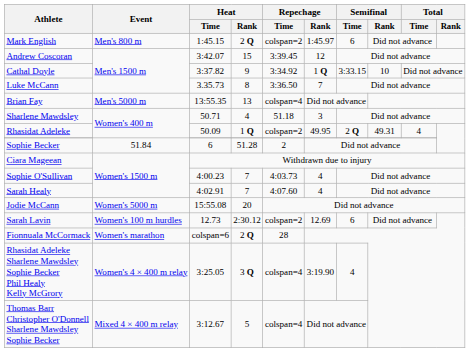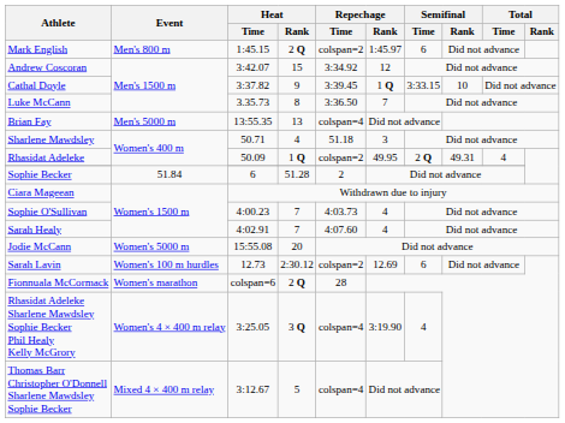 <table class="wikitable" style="font-size:90%">
 <tr>
 <th rowspan="2">Athlete</th>
 <th rowspan="2">Event</th>
 <th colspan="2">Heat</th>
 <th colspan="2">Repechage</th>
 <th colspan="2">Semifinal</th>
 <th colspan="2">Total</th>
 </tr>
 <tr style="font-size:95%">
 <th>Time</th>
 <th>Rank</th>
 <th>Time</th>
 <th>Rank</th>
 <th>Time</th>
 <th>Rank</th>
 <th>Time</th>
 <th>Rank</th>
 </tr>
 <tr align=center>
 <td align=left><a href='#'>Mark English</a></td>
 <td align=left><a href='#'>Men's 800 m</a></td>
 <td>1:45.15</td>
 <td>2 <strong>Q</strong></td>
 <td>colspan=2 </td>
 <td>1:45.97</td>
 <td>6</td>
 <td colspan=2>Did not advance</td>
 </tr>
 <tr align=center>
 <td align=left><a href='#'>Andrew Coscoran</a></td>
 <td align=left rowspan="3"><a href='#'>Men's 1500 m</a></td>
 <td>3:42.07</td>
 <td>15</td>
-<td>3:39.45</td>
+<td>3:34.92</td>
 <td>12</td>
 <td colspan=4>Did not advance</td>
 </tr>
 <tr align=center>
 <td align=left><a href='#'>Cathal Doyle</a></td>
 <td>3:37.82</td>
 <td>9</td>
-<td>3:34.92</td>
+<td>3:39.45</td>
 <td>1 <strong>Q</strong></td>
 <td>3:33.15 <strong></strong></td>
 <td>10</td>
 <td colspan=4>Did not advance</td>
 </tr>
 <tr align=center>
 <td align=left><a href='#'>Luke McCann</a></td>
 <td>3.35.73</td>
 <td>8</td>
 <td>3:36.50</td>
 <td>7</td>
 <td colspan=4>Did not advance</td>
 </tr>
 <tr align=center>
 <td align=left><a href='#'>Brian Fay</a></td>
 <td align=left><a href='#'>Men's 5000 m</a></td>
 <td>13:55.35</td>
 <td>13</td>
 <td>colspan=4 </td>
 <td colspan=2>Did not advance</td>
 </tr>
 <tr align="center">
 <td align="left"><a href='#'>Sharlene Mawdsley</a></td>
 <td align=left rowspan="3"><a href='#'>Women's 400 m</a></td>
 <td>50.71 <strong></strong></td>
 <td>4</td>
 <td>51.18</td>
 <td>3</td>
 <td colspan=4>Did not advance</td>
 </tr>
 <tr align=center>
 <td align=left><a href='#'>Rhasidat Adeleke</a></td>
 <td>50.09</td>
 <td>1 <strong>Q</strong></td>
 <td>colspan=2 </td>
 <td>49.95</td>
 <td>2 <strong>Q</strong></td>
 <td>49.31</td>
 <td>4</td>
 </tr>
 <tr>
 </tr>
 <tr align=center>
 <td align=left><a href='#'>Sophie Becker</a></td>
 <td>51.84</td>
 <td>6</td>
 <td>51.28</td>
 <td>2</td>
 <td colspan=4>Did not advance</td>
 </tr>
 <tr align=center>
 <td align=left><a href='#'>Ciara Mageean</a></td>
 <td align=left rowspan=3><a href='#'>Women's 1500 m</a></td>
 <td colspan=8>Withdrawn due to injury</td>
 </tr>
 <tr align=center>
 <td align=left><a href='#'>Sophie O'Sullivan</a></td>
 <td>4:00.23 <strong></strong></td>
 <td>7</td>
 <td>4:03.73</td>
 <td>4</td>
 <td colspan=4>Did not advance</td>
 </tr>
 <tr align=center>
 <td align=left><a href='#'>Sarah Healy</a></td>
 <td>4:02.91</td>
 <td>7</td>
 <td>4:07.60</td>
 <td>4</td>
 <td colspan=4>Did not advance</td>
 </tr>
 <tr align=center>
 <td align=left><a href='#'>Jodie McCann</a></td>
 <td align=left><a href='#'>Women's 5000 m</a></td>
 <td>15:55.08</td>
 <td>20</td>
 <td colspan="6" align=center>Did not advance</td>
 </tr>
 <tr align=center>
 <td align=left><a href='#'>Sarah Lavin</a></td>
 <td align=left><a href='#'>Women's 100 m hurdles</a></td>
 <td>12.73</td>
 <td>2:30.12 <strong></strong></td>
 <td>colspan=2 </td>
 <td>12.69</td>
 <td>6</td>
 <td colspan=2>Did not advance</td>
 </tr>
 <tr align=center>
 <td align=left><a href='#'>Fionnuala McCormack</a></td>
 <td align=left><a href='#'>Women's marathon</a></td>
 <td>colspan=6 </td>
 <td>2 <strong>Q</strong></td>
 <td>28</td>
 </tr>
 <tr align=center>
 <td align=left><a href='#'>Rhasidat Adeleke</a><br><a href='#'>Sharlene Mawdsley</a><br><a href='#'>Sophie Becker</a><br><a href='#'>Phil Healy</a><br><a href='#'>Kelly McGrory</a></td>
 <td align=left><a href='#'>Women's 4 × 400 m relay</a></td>
 <td>3:25.05</td>
 <td>3 <strong>Q</strong></td>
 <td>colspan=4 </td>
 <td>3:19.90 <strong></strong></td>
 <td>4</td>
 </tr>
 <tr align=center>
 <td align=left><a href='#'>Thomas Barr</a><br><a href='#'>Christopher O'Donnell</a><br><a href='#'>Sharlene Mawdsley</a><br><a href='#'>Sophie Becker</a></td>
 <td align=left><a href='#'>Mixed 4 × 400 m relay</a></td>
 <td>3:12.67</td>
 <td>5</td>
 <td>colspan=4 </td>
 <td colspan=2>Did not advance</td>
 </tr>
 </table>
